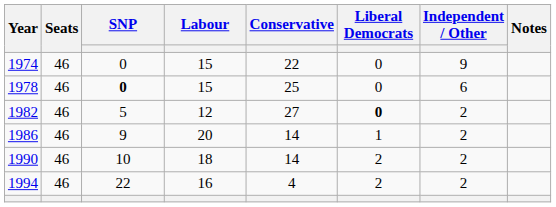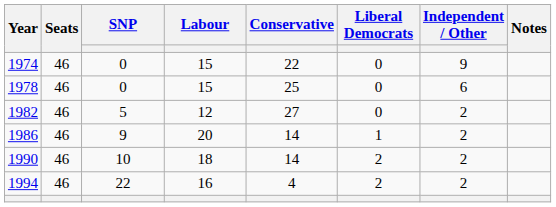 <table class="wikitable" style=text-align:center>
 <tr>
 <th rowspan=2><strong>Year</strong></th>
 <th rowspan=2><strong>Seats</strong></th>
 <th width="80"><strong><a href='#'>SNP</a></strong></th>
 <th width="80"><strong><a href='#'>Labour</a></strong></th>
 <th width="80"><strong><a href='#'>Conservative</a></strong></th>
 <th width="80"><strong><a href='#'>Liberal Democrats</a></strong></th>
 <th width="80"><a href='#'><strong>Independent / Other</strong></a></th>
 <th rowspan=2><strong>Notes</strong></th>
 </tr>
 <tr>
 <th style="background-color: "></th>
 <th style="background-color: "></th>
 <th style="background-color: "></th>
 <th style="background-color: "></th>
 <th style="background-color: "></th>
 </tr>
 <tr>
 <td><a href='#'>1974</a></td>
 <td>46</td>
 <td>0</td>
 <td>15</td>
 <td>22</td>
 <td>0</td>
 <td>9</td>
 <td align=left></td>
 </tr>
 <tr>
 <td><a href='#'>1978</a></td>
 <td>46</td>
-<td><strong>0</strong></td>
+<td>0</td>
 <td>15</td>
 <td>25</td>
 <td>0</td>
 <td>6</td>
 <td align=left></td>
 </tr>
 <tr>
 <td><a href='#'>1982</a></td>
 <td>46</td>
 <td>5</td>
 <td>12</td>
 <td>27</td>
-<td><strong>0</strong></td>
+<td>0</td>
 <td>2</td>
 <td align=left></td>
 </tr>
 <tr>
 <td><a href='#'>1986</a></td>
 <td>46</td>
 <td>9</td>
 <td>20</td>
 <td>14</td>
 <td>1</td>
 <td>2</td>
 <td align=left></td>
 </tr>
 <tr>
 <td><a href='#'>1990</a></td>
 <td>46</td>
 <td>10</td>
 <td>18</td>
 <td>14</td>
 <td>2</td>
 <td>2</td>
 <td align=left></td>
 </tr>
 <tr>
 <td><a href='#'>1994</a></td>
 <td>46</td>
 <td>22</td>
 <td>16</td>
 <td>4</td>
 <td>2</td>
 <td>2</td>
 <td align=left></td>
 </tr>
 <tr>
 <th></th>
 <th></th>
 <th style="background-color: "></th>
 <th style="background-color: "></th>
 <th style="background-color: "></th>
 <th style="background-color: "></th>
 <th style="background-color: "></th>
 <th></th>
 </tr>
 </table>
